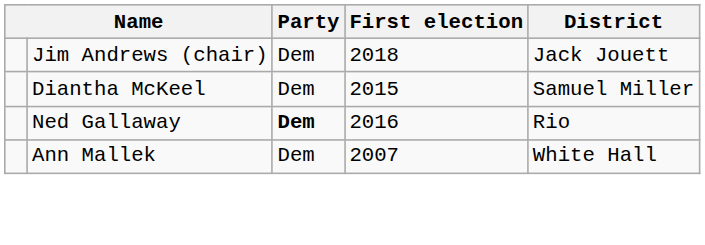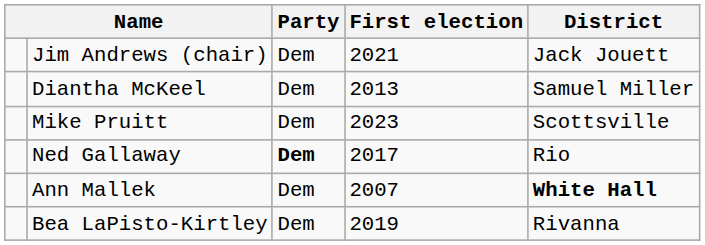 <table class=wikitable>
 <tr>
 <th colspan=2 align=center>Name</th>
 <th valign=bottom>Party</th>
 <th valign=bottom>First election</th>
 <th valign=bottom>District</th>
 </tr>
 <tr>
 <td style="background-color:"> </td>
 <td>Jim Andrews (chair)</td>
 <td>Dem</td>
-<td>2018</td>
+<td>2021</td>
 <td>Jack Jouett</td>
 </tr>
 <tr>
 <td style="background-color:"> </td>
 <td>Diantha McKeel</td>
 <td>Dem</td>
-<td>2015</td>
+<td>2013</td>
 <td>Samuel Miller</td>
+</tr>
+<tr>
+<td style="background-color:"> </td>
+<td>Mike Pruitt</td>
+<td>Dem</td>
+<td>2023</td>
+<td>Scottsville</td>
 </tr>
 <tr>
 <td style="background-color:"> </td>
 <td>Ned Gallaway</td>
 <td><strong>Dem</strong></td>
-<td>2016</td>
+<td>2017</td>
 <td>Rio</td>
 </tr>
 <tr>
 <td style="background-color:"> </td>
 <td>Ann Mallek</td>
 <td>Dem</td>
 <td>2007</td>
-<td>White Hall</td>
+<td><strong>White Hall</strong></td>
+</tr>
+<tr>
+<td style="background-color:"> </td>
+<td>Bea LaPisto-Kirtley</td>
+<td>Dem</td>
+<td>2019</td>
+<td>Rivanna</td>
 </tr>
 </table>
